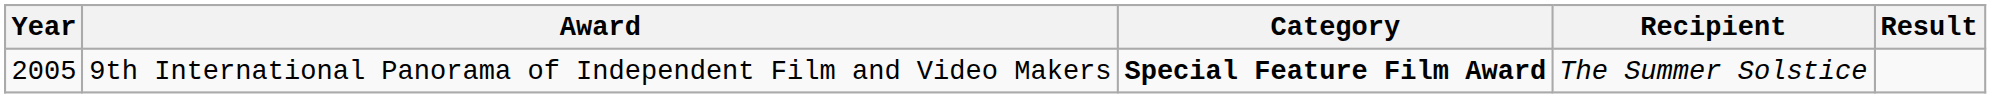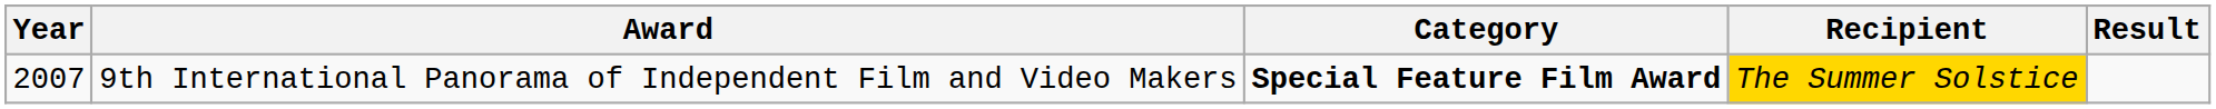 <table class="wikitable">
 <tr>
 <th>Year</th>
 <th>Award</th>
 <th>Category</th>
 <th>Recipient</th>
 <th>Result</th>
 </tr>
 <tr>
-<td>2005</td>
+<td>2007</td>
 <td>9th International Panorama of Independent Film and Video Makers</td>
 <td><strong>Special Feature Film Award</strong></td>
-<td><em>The Summer Solstice</em></td>
+<td style="background: gold;"><em>The Summer Solstice</em></td>
 <td></td>
 </tr>
 </table>
